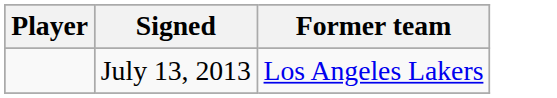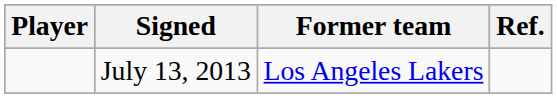 <table class="wikitable sortable sortable" style="text-align: center">
 <tr>
 <th>Player</th>
 <th>Signed</th>
 <th>Former team</th>
+<th>Ref.</th>
 </tr>
 <tr>
 <td></td>
 <td>July 13, 2013</td>
 <td><a href='#'>Los Angeles Lakers</a></td>
+<td></td>
 </tr>
 </table>
